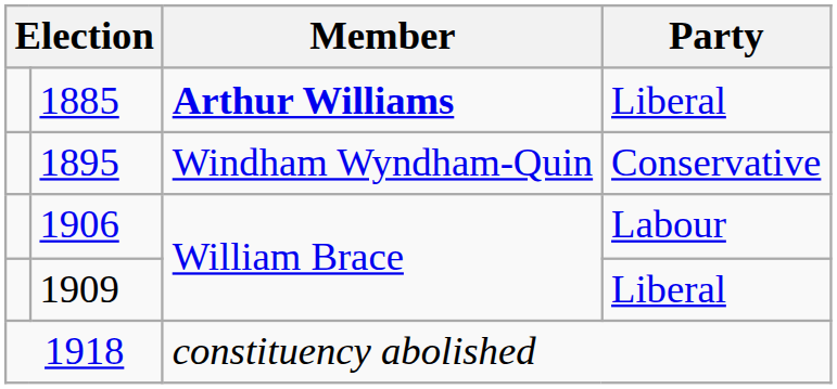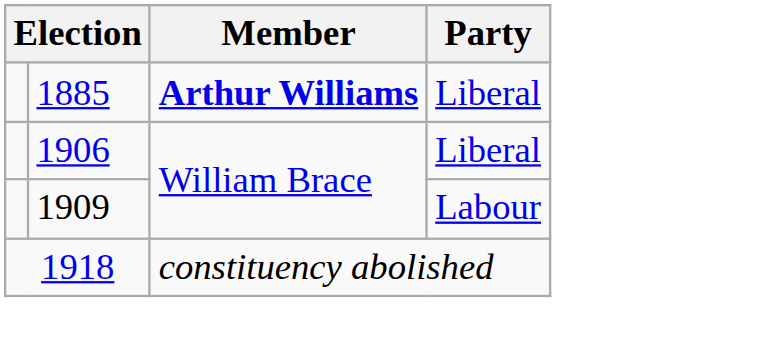 <table class="wikitable">
 <tr>
 <th colspan="2">Election</th>
 <th>Member</th>
 <th>Party</th>
 </tr>
 <tr>
 <td style="color:inherit;background-color: "></td>
 <td><a href='#'>1885</a></td>
 <td><strong><a href='#'>Arthur Williams</a></strong></td>
 <td><a href='#'>Liberal</a></td>
 </tr>
 <tr>
 <td style="color:inherit;background-color: "></td>
-<td><a href='#'>1895</a></td>
-<td><a href='#'>Windham Wyndham-Quin</a></td>
-<td><a href='#'>Conservative</a></td>
-</tr>
-<tr>
-<td style="color:inherit;background-color: "></td>
 <td><a href='#'>1906</a></td>
 <td rowspan=2><a href='#'>William Brace</a></td>
-<td><a href='#'>Labour</a></td>
+<td><a href='#'>Liberal</a></td>
 </tr>
 <tr>
 <td style="color:inherit;background-color: "></td>
 <td>1909</td>
-<td><a href='#'>Liberal</a></td>
+<td><a href='#'>Labour</a></td>
 </tr>
 <tr>
 <td colspan="2" align="center"><a href='#'>1918</a></td>
 <td colspan="2"><em>constituency abolished</em></td>
 </tr>
 </table>
